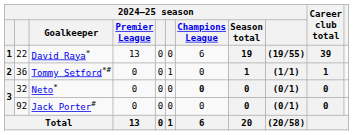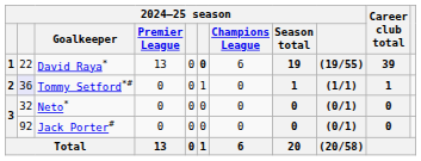 <table class="wikitable sortable" style="text-align:center; font-size:90%;">
 <tr>
 <th colspan="9">2024–25 season</th>
 <th rowspan="2">Career<br>club<br>total</th>
 <th rowspan="2" class="unsortable"></th>
 </tr>
 <tr>
 <th></th>
 <th></th>
 <th>Goalkeeper</th>
 <th><a href='#'>Premier<br>League</a></th>
 <th></th>
 <th></th>
 <th><a href='#'>Champions<br>League</a></th>
 <th>Season<br>total</th>
 <th></th>
 </tr>
 <tr>
 <th>1</th>
 <td>22</td>
 <td style="text-align:left;" data-sort-value="Raya"> <a href='#'>David Raya</a><sup>*</sup></td>
 <td>13</td>
 <td>0</td>
-<td>0</td>
+<td><strong>0</strong></td>
 <td>6</td>
 <th>19</th>
 <th> (19/55)</th>
 <th>39</th>
 <td></td>
 </tr>
 <tr>
 <th>2</th>
-<td>36</td>
+<td style="background: lavender;">36</td>
 <td style="text-align:left;" data-sort-value="Setf"> <a href='#'>Tommy Setford</a><sup>*#</sup></td>
 <td>0</td>
 <td>0</td>
 <td>1</td>
 <td>0</td>
 <th>1</th>
 <th> (1/1)</th>
 <th>1</th>
 <td></td>
 </tr>
 <tr>
 <th rowspan="2">3</th>
 <td>32</td>
 <td style="text-align:left;" data-sort-value="Neto"> <a href='#'>Neto</a><sup>*</sup></td>
 <td>0</td>
 <td>0</td>
 <td>0</td>
-<td><strong>0</strong></td>
+<td>0</td>
 <th>0</th>
 <th> (0/1)</th>
 <th>0</th>
 <td></td>
 </tr>
 <tr>
 <td>92</td>
 <td style="text-align:left;" data-sort-value="Port"> <a href='#'>Jack Porter</a><sup>#</sup></td>
 <td>0</td>
 <td>0</td>
 <td>0</td>
 <td>0</td>
 <th>0</th>
 <th> (0/1)</th>
 <th>0</th>
 <td></td>
 </tr>
 <tr>
 <th colspan="3">Total</th>
 <th>13</th>
 <th>0</th>
 <th>1</th>
 <th>6</th>
 <th>20</th>
 <th> (20/58)</th>
 <th colspan="2"></th>
 </tr>
 </table>
